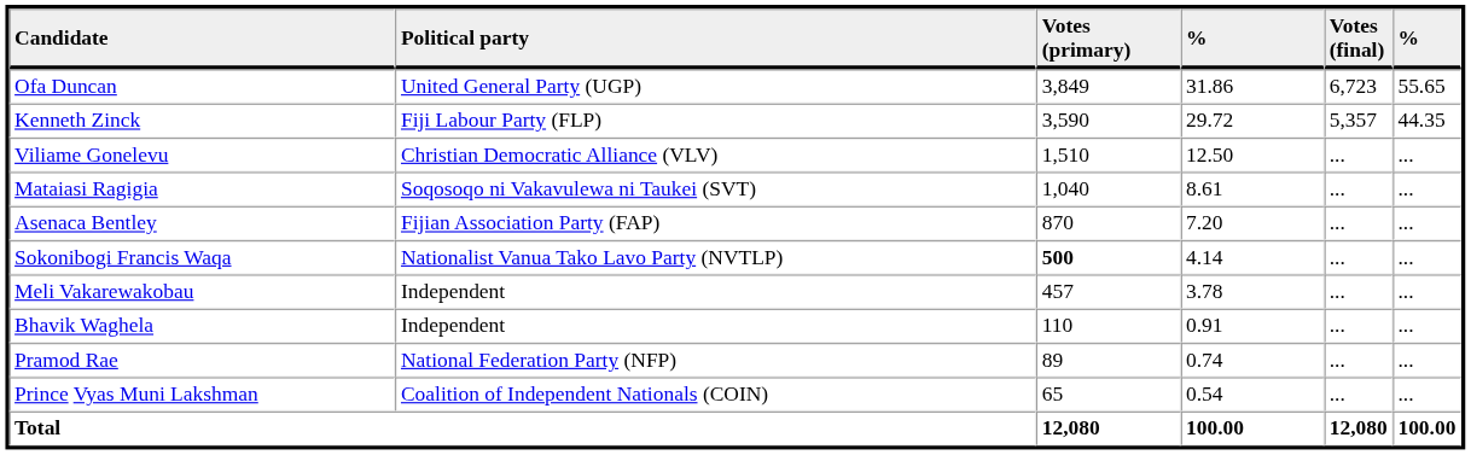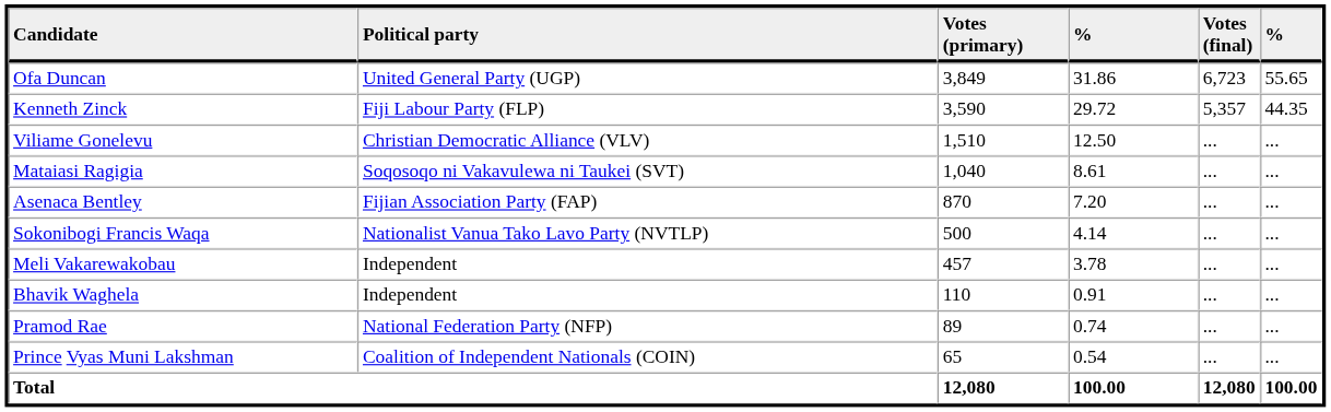 <table table width="70%" border="1" align="center" cellpadding=3 cellspacing=0 style="margin:5px; border:3px solid;">
 <tr>
 <td td width="27%" style="border-bottom:3px solid; background:#efefef;"><strong>Candidate</strong></td>
 <td td width="45%" style="border-bottom:3px solid; background:#efefef;"><strong>Political party</strong></td>
 <td td width="10%" style="border-bottom:3px solid; background:#efefef;"><strong>Votes<br>(primary)</strong></td>
 <td td width="10%" style="border-bottom:3px solid; background:#efefef;"><strong>%</strong></td>
 <td td width="4%" style="border-bottom:3px solid; background:#efefef;"><strong>Votes<br>(final)</strong></td>
 <td td width="4%" style="border-bottom:3px solid; background:#efefef;"><strong>%</strong></td>
 </tr>
 <tr>
 <td><a href='#'>Ofa Duncan</a></td>
 <td><a href='#'>United General Party</a> (UGP)</td>
 <td>3,849</td>
 <td>31.86</td>
 <td>6,723</td>
 <td>55.65</td>
 </tr>
 <tr>
 <td><a href='#'>Kenneth Zinck</a></td>
 <td><a href='#'>Fiji Labour Party</a> (FLP)</td>
 <td>3,590</td>
 <td>29.72</td>
 <td>5,357</td>
 <td>44.35</td>
 </tr>
 <tr>
 <td><a href='#'>Viliame Gonelevu</a></td>
 <td><a href='#'>Christian Democratic Alliance</a> (VLV)</td>
 <td>1,510</td>
 <td>12.50</td>
 <td>...</td>
 <td>...</td>
 </tr>
 <tr>
 <td><a href='#'>Mataiasi Ragigia</a></td>
 <td><a href='#'>Soqosoqo ni Vakavulewa ni Taukei</a> (SVT)</td>
 <td>1,040</td>
 <td>8.61</td>
 <td>...</td>
 <td>...</td>
 </tr>
 <tr>
 <td><a href='#'>Asenaca Bentley</a></td>
 <td><a href='#'>Fijian Association Party</a> (FAP)</td>
 <td>870</td>
 <td>7.20</td>
 <td>...</td>
 <td>...</td>
 </tr>
 <tr>
 <td><a href='#'>Sokonibogi Francis Waqa</a></td>
 <td><a href='#'>Nationalist Vanua Tako Lavo Party</a> (NVTLP)</td>
-<td><strong>500</strong></td>
+<td>500</td>
 <td>4.14</td>
 <td>...</td>
 <td>...</td>
 </tr>
 <tr>
 <td><a href='#'>Meli Vakarewakobau</a></td>
 <td>Independent</td>
 <td>457</td>
 <td>3.78</td>
 <td>...</td>
 <td>...</td>
 </tr>
 <tr>
 <td><a href='#'>Bhavik Waghela</a></td>
 <td>Independent</td>
 <td>110</td>
 <td>0.91</td>
 <td>...</td>
 <td>...</td>
 </tr>
 <tr>
 <td><a href='#'>Pramod Rae</a></td>
 <td><a href='#'>National Federation Party</a> (NFP)</td>
 <td>89</td>
 <td>0.74</td>
 <td>...</td>
 <td>...</td>
 </tr>
 <tr>
 <td><a href='#'>Prince</a> <a href='#'>Vyas Muni Lakshman</a></td>
 <td><a href='#'>Coalition of Independent Nationals</a> (COIN)</td>
 <td>65</td>
 <td>0.54</td>
 <td>...</td>
 <td>...</td>
 </tr>
 <tr>
 <td colspan=2><strong>Total</strong></td>
 <td><strong>12,080</strong></td>
 <td><strong>100.00</strong></td>
 <td><strong>12,080</strong></td>
 <td><strong>100.00</strong></td>
 </tr>
 <tr>
 </tr>
 </table>
